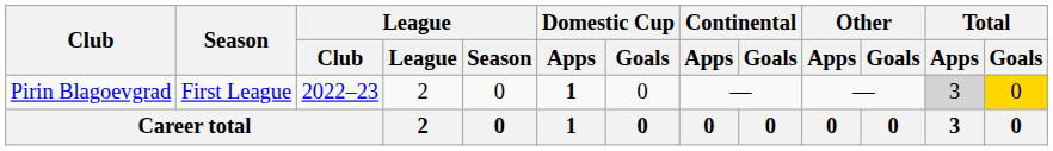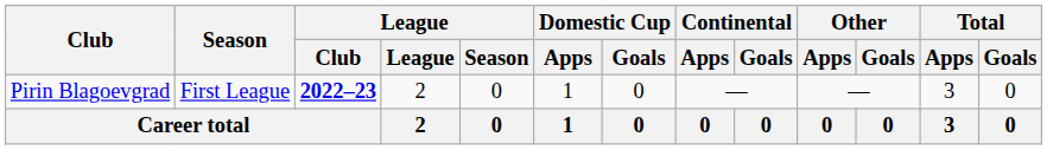 <table class="wikitable" style="text-align: center;">
 <tr>
 <th rowspan="2">Club</th>
 <th rowspan="2">Season</th>
 <th colspan="3">League</th>
 <th colspan="2">Domestic Cup</th>
 <th colspan="2">Continental</th>
 <th colspan="2">Other</th>
 <th colspan="2">Total</th>
 </tr>
 <tr>
 <th>Club</th>
 <th>League</th>
 <th>Season</th>
 <th>Apps</th>
 <th>Goals</th>
 <th>Apps</th>
 <th>Goals</th>
 <th>Apps</th>
 <th>Goals</th>
 <th>Apps</th>
 <th>Goals</th>
 </tr>
 <tr>
 <td><a href='#'>Pirin Blagoevgrad</a></td>
 <td><a href='#'>First League</a></td>
-<td><a href='#'>2022–23</a></td>
+<td><strong><a href='#'>2022–23</a></strong></td>
 <td>2</td>
 <td>0</td>
-<td><strong>1</strong></td>
+<td>1</td>
 <td>0</td>
 <td colspan="2">—</td>
 <td colspan="2">—</td>
-<td style="background: lightgrey;">3</td>
-<td style="background: gold;">0</td>
+<td>3</td>
+<td>0</td>
 </tr>
 <tr>
 <th colspan="3">Career total</th>
 <th>2</th>
 <th>0</th>
 <th>1</th>
 <th>0</th>
 <th>0</th>
 <th>0</th>
 <th>0</th>
 <th>0</th>
 <th>3</th>
 <th>0</th>
 </tr>
 </table>
